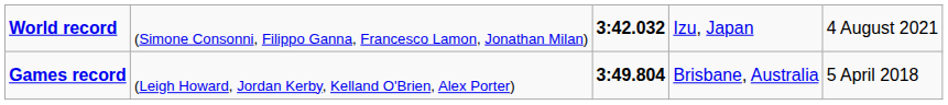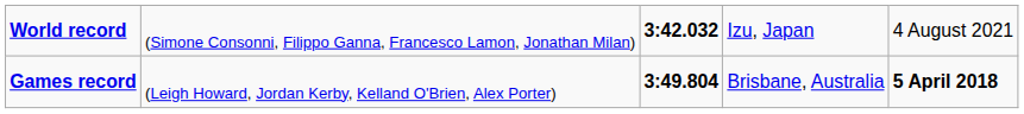 <table class="wikitable">
 <tr>
 <td><a href='#'><strong>World record</strong></a></td>
 <td><br><small>(<a href='#'>Simone Consonni</a>, <a href='#'>Filippo Ganna</a>, <a href='#'>Francesco Lamon</a>, <a href='#'>Jonathan Milan</a>)</small></td>
 <td><strong>3:42.032</strong></td>
 <td><a href='#'>Izu</a>, <a href='#'>Japan</a></td>
 <td>4 August 2021</td>
 </tr>
 <tr>
 <td><a href='#'><strong>Games record</strong></a></td>
 <td><br><small>(<a href='#'>Leigh Howard</a>, <a href='#'>Jordan Kerby</a>, <a href='#'>Kelland O'Brien</a>, <a href='#'>Alex Porter</a>)</small></td>
 <td><strong>3:49.804</strong></td>
 <td><a href='#'>Brisbane</a>, <a href='#'>Australia</a></td>
-<td>5 April 2018</td>
+<td><strong>5 April 2018</strong></td>
 </tr>
 </table>
